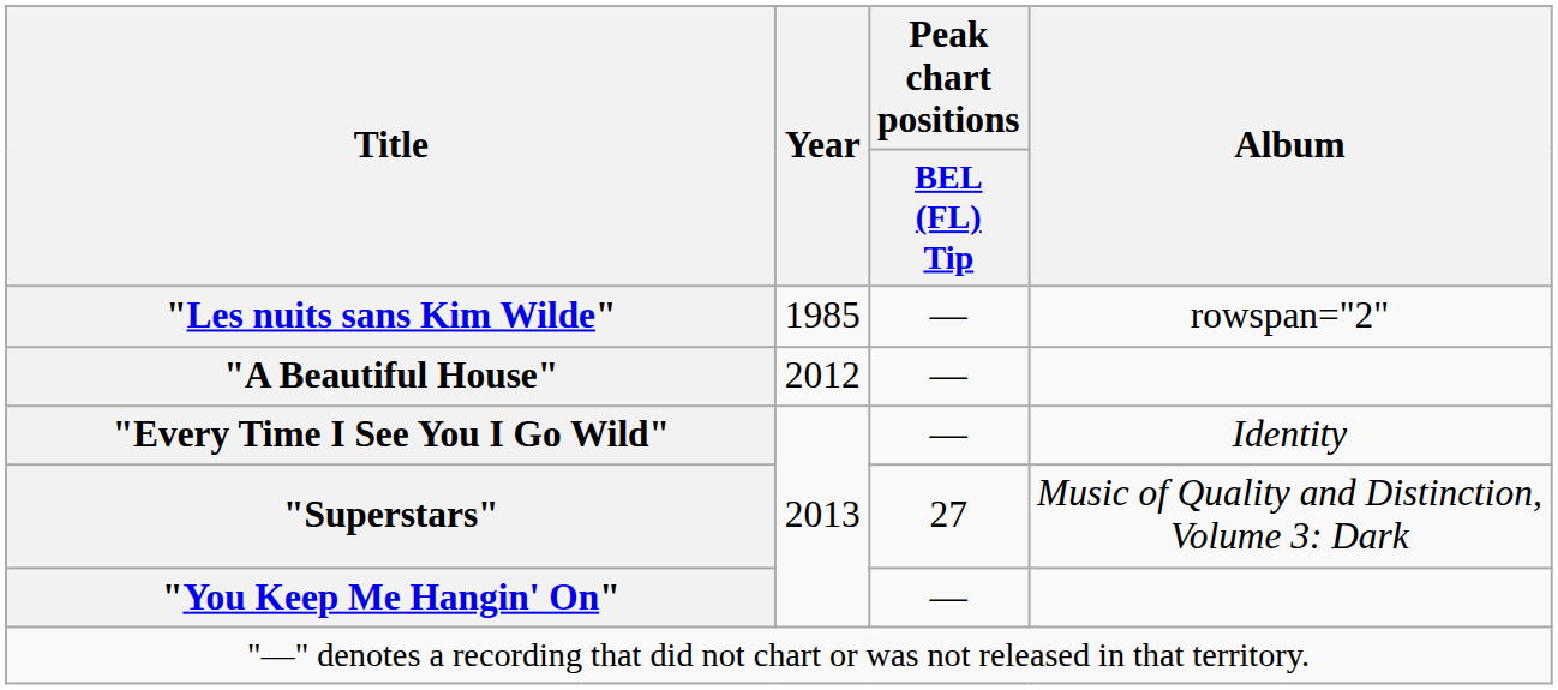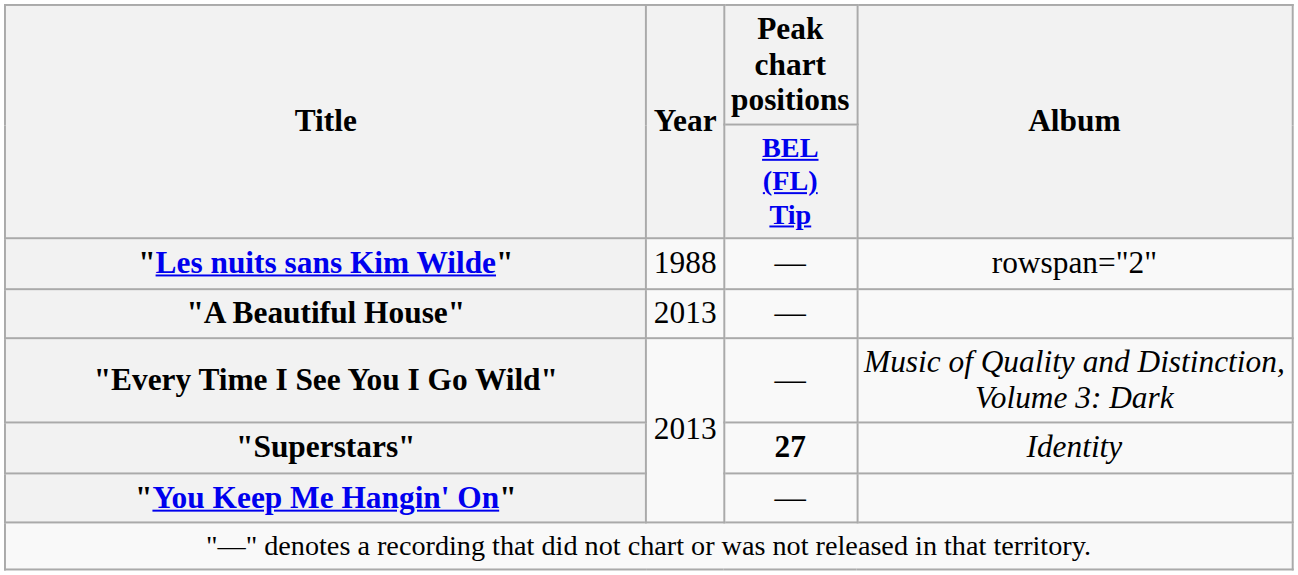 <table class="wikitable plainrowheaders" style="text-align:center;">
 <tr>
 <th scope="col" rowspan="2" style="width:20em;">Title</th>
 <th scope="col" rowspan="2" style="width:1em;">Year</th>
 <th scope="col">Peak chart positions</th>
 <th scope="col" rowspan="2">Album</th>
 </tr>
 <tr>
 <th style="width:2.5em;font-size:90%;"><a href='#'>BEL<br>(FL)<br>Tip</a><br></th>
 </tr>
 <tr>
 <th scope="row">"<a href='#'>Les nuits sans Kim Wilde</a>"<br></th>
-<td>1985</td>
+<td>1988</td>
 <td>—</td>
 <td>rowspan="2" </td>
 </tr>
 <tr>
 <th scope="row">"A Beautiful House"<br></th>
-<td>2012</td>
+<td>2013</td>
 <td>—</td>
 </tr>
 <tr>
 <th scope="row">"Every Time I See You I Go Wild"<br></th>
 <td rowspan="3">2013</td>
 <td>—</td>
-<td><em>Identity</em></td>
+<td><em>Music of Quality and Distinction,<br>Volume 3: Dark</em></td>
 </tr>
 <tr>
 <th scope="row">"Superstars"<br></th>
-<td>27</td>
-<td><em>Music of Quality and Distinction,<br>Volume 3: Dark</em></td>
+<td><strong>27</strong></td>
+<td><em>Identity</em></td>
 </tr>
 <tr>
 <th scope="row">"<a href='#'>You Keep Me Hangin' On</a>"<br></th>
 <td>—</td>
 <td></td>
 </tr>
 <tr>
 <td colspan="15" style="font-size:90%">"—" denotes a recording that did not chart or was not released in that territory.</td>
 </tr>
 </table>
